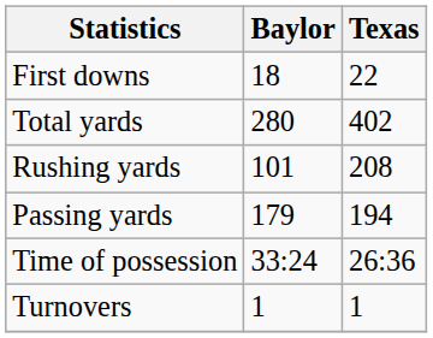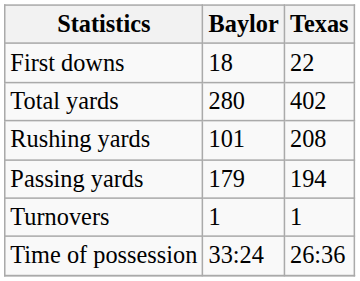 <table class="wikitable" style="float: left;">
 <tr>
 <th>Statistics</th>
 <th>Baylor</th>
 <th>Texas</th>
 </tr>
 <tr>
 <td>First downs</td>
 <td>18</td>
 <td>22</td>
 </tr>
 <tr>
 <td>Total yards</td>
 <td>280</td>
 <td>402</td>
 </tr>
 <tr>
 <td>Rushing yards</td>
 <td>101</td>
 <td>208</td>
 </tr>
 <tr>
 <td>Passing yards</td>
 <td>179</td>
 <td>194</td>
 </tr>
 <tr>
+<td>Turnovers</td>
+<td>1</td>
+<td>1</td>
+</tr>
+<tr>
 <td>Time of possession</td>
 <td>33:24</td>
 <td>26:36</td>
 </tr>
 <tr>
-<td>Turnovers</td>
-<td>1</td>
-<td>1</td>
-</tr>
-<tr>
 </tr>
 </table>
